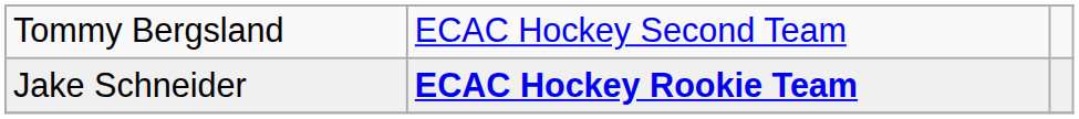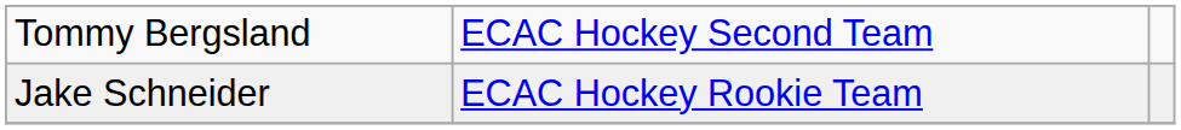 <table class="wikitable" width=40%>
 <tr>
 <td>Tommy Bergsland</td>
 <td rowspan=1><a href='#'>ECAC Hockey Second Team</a></td>
 <td rowspan=1></td>
 </tr>
 <tr bgcolor=f0f0f0>
 <td>Jake Schneider</td>
-<td rowspan=1><strong><a href='#'>ECAC Hockey Rookie Team</a></strong></td>
+<td rowspan=1><a href='#'>ECAC Hockey Rookie Team</a></td>
 <td rowspan=1></td>
 </tr>
 <tr>
 </tr>
 </table>
